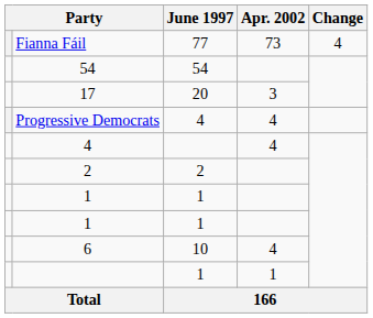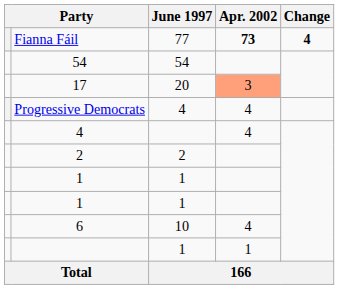 <table class="wikitable sortable" style="font-size: 95%;">
 <tr>
 <th colspan=2>Party</th>
 <th>June 1997</th>
 <th>Apr. 2002</th>
 <th class="unsortable">Change</th>
 </tr>
 <tr>
 <th style="background-color: "></th>
 <td><a href='#'>Fianna Fáil</a></td>
 <td align="center">77</td>
-<td align="center">73</td>
-<td align="center"> 4</td>
+<td align="center"><strong>73</strong></td>
+<td align="center"><strong> 4</strong></td>
 </tr>
 <tr>
 <td></td>
 <td align="center">54</td>
 <td align="center">54</td>
 <td align="center"></td>
 </tr>
 <tr>
 <td></td>
 <td align="center">17</td>
 <td align="center">20</td>
-<td align="center"> 3</td>
+<td align="center" style="background: lightsalmon;"> 3</td>
 </tr>
 <tr>
 <th style="background-color: "></th>
 <td><a href='#'>Progressive Democrats</a></td>
 <td align="center">4</td>
 <td align="center">4</td>
 <td align="center"></td>
 </tr>
 <tr>
 <td></td>
 <td align="center">4</td>
 <td></td>
 <td align="center"> 4</td>
 </tr>
 <tr>
 <td></td>
 <td align="center">2</td>
 <td align="center">2</td>
 <td align="center"></td>
 </tr>
 <tr>
 <td></td>
 <td align="center">1</td>
 <td align="center">1</td>
 <td align="center"></td>
 </tr>
 <tr>
 <td></td>
 <td align="center">1</td>
 <td align="center">1</td>
 <td align="center"></td>
 </tr>
 <tr>
 <td></td>
 <td align="center">6</td>
 <td align="center">10</td>
 <td align="center"> 4</td>
 </tr>
 <tr>
 <td></td>
 <td></td>
 <td align="center">1</td>
 <td align="center"> 1</td>
 </tr>
 <tr>
 <th colspan="2"><strong>Total</strong></th>
 <th colspan="3" align="center"><strong>166</strong></th>
 </tr>
 </table>
